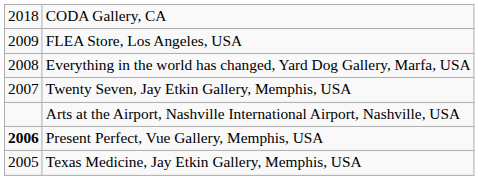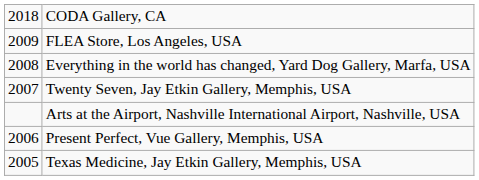 <table class="wikitable">
 <tr>
 <td>2018</td>
 <td>CODA Gallery, CA</td>
 </tr>
 <tr>
 <td>2009</td>
 <td>FLEA Store, Los Angeles, USA</td>
 </tr>
 <tr>
 <td>2008</td>
 <td>Everything in the world has changed, Yard Dog Gallery, Marfa, USA</td>
 </tr>
 <tr>
 <td>2007</td>
 <td>Twenty Seven, Jay Etkin Gallery, Memphis, USA</td>
 </tr>
 <tr>
 <td></td>
 <td>Arts at the Airport, Nashville International Airport, Nashville, USA</td>
 </tr>
 <tr>
-<td><strong>2006</strong></td>
+<td>2006</td>
 <td>Present Perfect, Vue Gallery, Memphis, USA</td>
 </tr>
 <tr>
 <td>2005</td>
 <td>Texas Medicine, Jay Etkin Gallery, Memphis, USA</td>
 </tr>
 </table>
